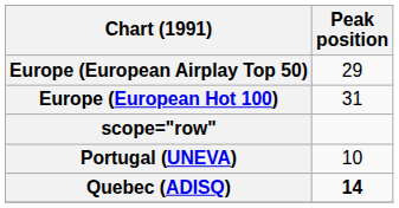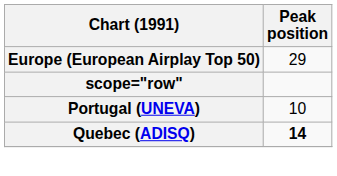 <table class="wikitable sortable plainrowheaders">
 <tr>
 <th>Chart (1991)</th>
 <th>Peak<br>position</th>
 </tr>
 <tr>
 <th scope="row">Europe (European Airplay Top 50)</th>
 <td align="center">29</td>
-</tr>
-<tr>
-<th scope="row">Europe (<a href='#'>European Hot 100</a>)</th>
-<td align="center">31</td>
 </tr>
 <tr>
 <th>scope="row"</th>
 </tr>
 <tr>
 <th scope="row">Portugal (<a href='#'>UNEVA</a>)</th>
 <td align="center">10</td>
 </tr>
 <tr>
 <th scope="row">Quebec (<a href='#'>ADISQ</a>)</th>
 <td align="center"><strong>14</strong></td>
 </tr>
 <tr>
 </tr>
 </table>
